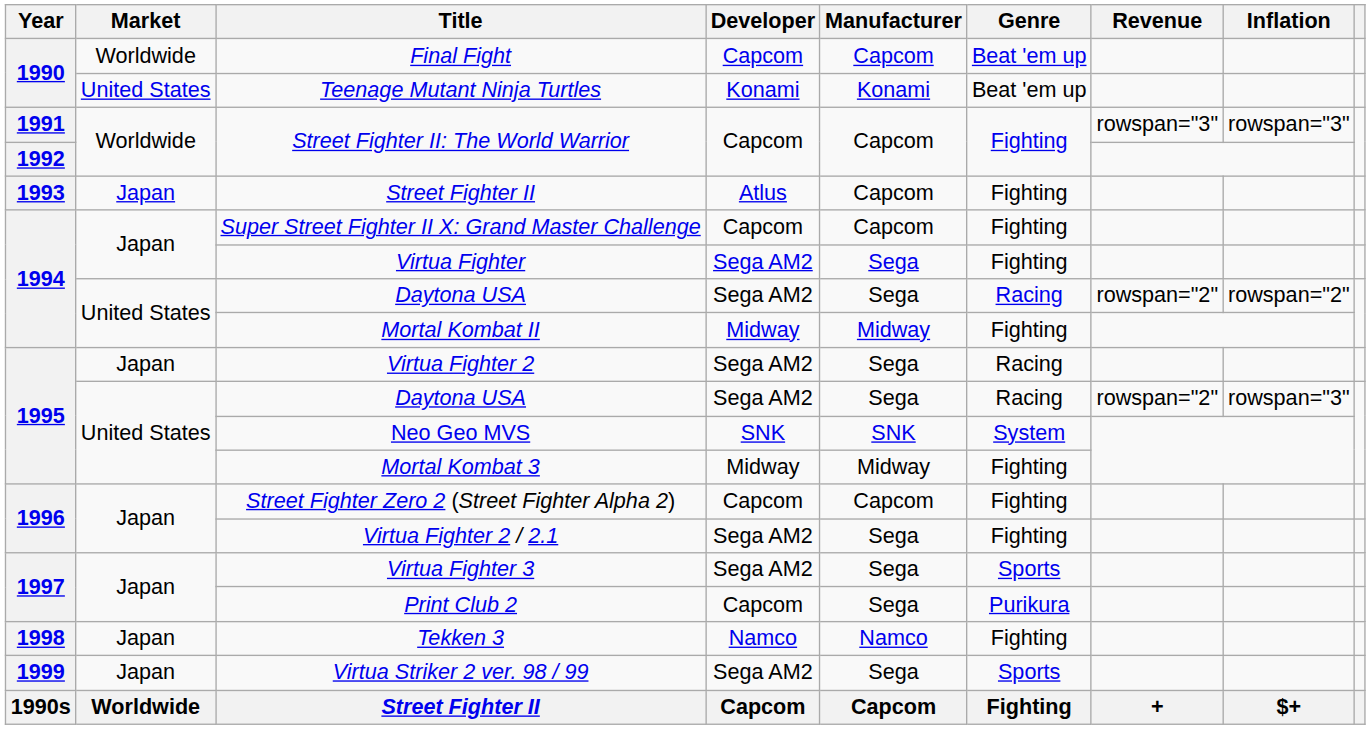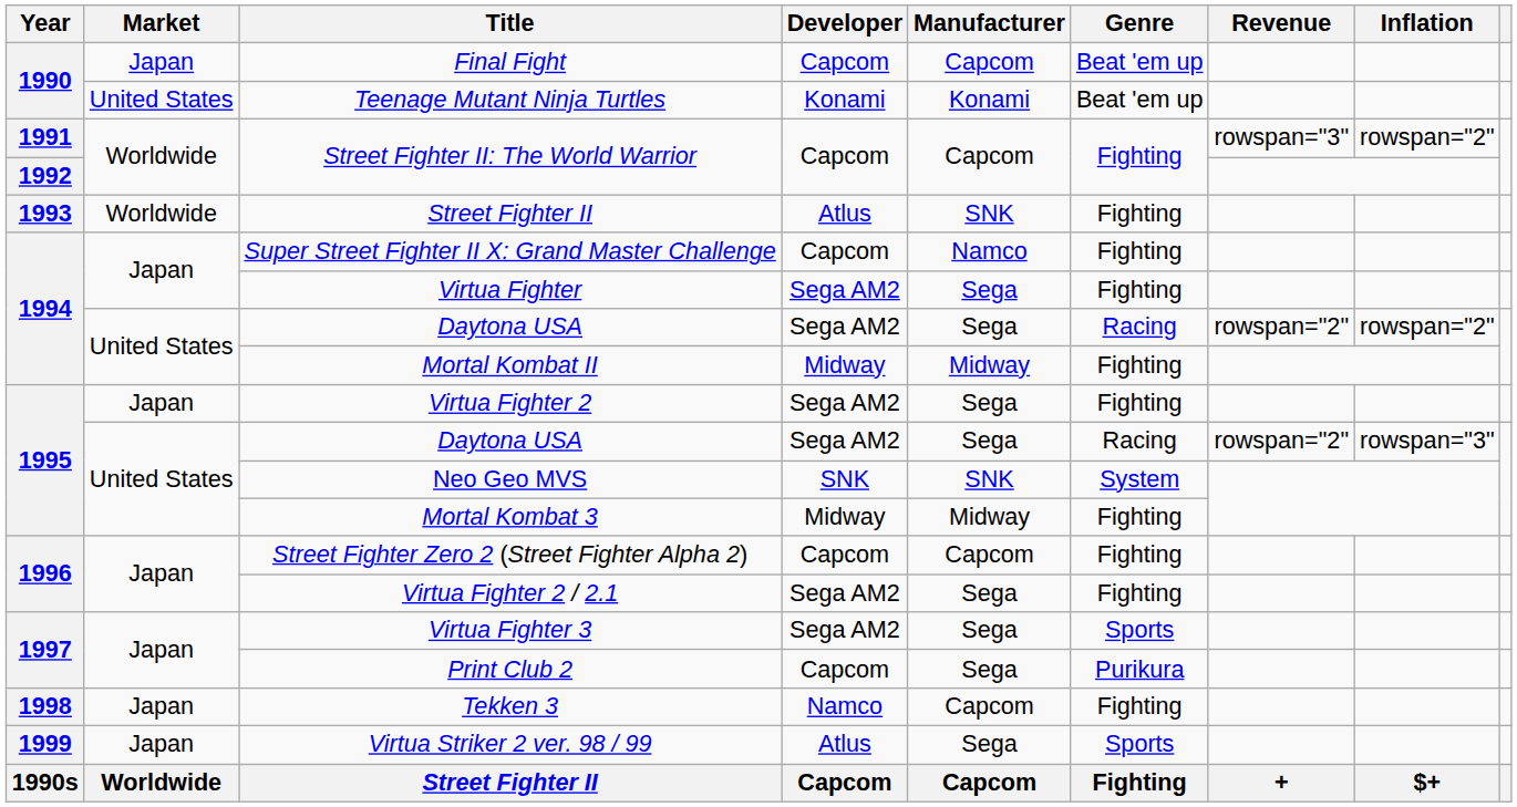 <table class="wikitable sortable" style="text-align:center; margin:auto; margin:auto">
 <tr>
 <th>Year</th>
 <th>Market</th>
 <th>Title</th>
 <th>Developer</th>
 <th>Manufacturer</th>
 <th>Genre</th>
 <th>Revenue</th>
 <th>Inflation</th>
 <th class="unsortable"></th>
 </tr>
 <tr>
 <th rowspan="2"><a href='#'>1990</a></th>
-<td>Worldwide</td>
+<td><a href='#'>Japan</a></td>
 <td><em><a href='#'>Final Fight</a></em></td>
 <td><a href='#'>Capcom</a></td>
 <td><a href='#'>Capcom</a></td>
 <td><a href='#'>Beat 'em up</a></td>
 <td></td>
 <td></td>
 <td></td>
 </tr>
 <tr>
 <td><a href='#'>United States</a></td>
 <td><em><a href='#'>Teenage Mutant Ninja Turtles</a></em></td>
 <td><a href='#'>Konami</a></td>
 <td><a href='#'>Konami</a></td>
 <td>Beat 'em up</td>
 <td></td>
 <td></td>
 <td></td>
 </tr>
 <tr>
 <th><a href='#'>1991</a></th>
 <td rowspan="2">Worldwide</td>
 <td rowspan="2"><em><a href='#'>Street Fighter II: The World Warrior</a></em></td>
 <td rowspan="2">Capcom</td>
 <td rowspan="2">Capcom</td>
 <td rowspan="2"><a href='#'>Fighting</a></td>
 <td>rowspan="3" </td>
-<td>rowspan="3" </td>
+<td>rowspan="2" </td>
 <td rowspan="2"></td>
 </tr>
 <tr>
 <th><a href='#'>1992</a></th>
 </tr>
 <tr>
 <th><a href='#'>1993</a></th>
-<td><a href='#'>Japan</a></td>
+<td>Worldwide</td>
 <td><em><a href='#'>Street Fighter II</a></em></td>
 <td><a href='#'>Atlus</a></td>
-<td>Capcom</td>
+<td><a href='#'>SNK</a></td>
 <td>Fighting</td>
 <td></td>
 <td></td>
 <td></td>
 </tr>
 <tr>
 <th rowspan="4"><a href='#'>1994</a></th>
 <td rowspan="2">Japan</td>
 <td><em><a href='#'>Super Street Fighter II X: Grand Master Challenge</a></em></td>
 <td>Capcom</td>
-<td>Capcom</td>
+<td><a href='#'>Namco</a></td>
 <td>Fighting</td>
 <td></td>
 <td></td>
 <td></td>
 </tr>
 <tr>
 <td><em><a href='#'>Virtua Fighter</a></em></td>
 <td><a href='#'>Sega AM2</a></td>
 <td><a href='#'>Sega</a></td>
 <td>Fighting</td>
 <td></td>
 <td></td>
 <td></td>
 </tr>
 <tr>
 <td rowspan="2">United States</td>
 <td><em><a href='#'>Daytona USA</a></em></td>
 <td>Sega AM2</td>
 <td>Sega</td>
 <td><a href='#'>Racing</a></td>
 <td>rowspan="2" </td>
 <td>rowspan="2" </td>
 <td rowspan="2"></td>
 </tr>
 <tr>
 <td><em><a href='#'>Mortal Kombat II</a></em></td>
 <td><a href='#'>Midway</a></td>
 <td><a href='#'>Midway</a></td>
 <td>Fighting</td>
 </tr>
 <tr>
 <th rowspan="4"><a href='#'>1995</a></th>
 <td>Japan</td>
 <td><em><a href='#'>Virtua Fighter 2</a></em></td>
 <td>Sega AM2</td>
 <td>Sega</td>
-<td>Racing</td>
+<td>Fighting</td>
 <td></td>
 <td></td>
 <td></td>
 </tr>
 <tr>
 <td rowspan="3">United States</td>
 <td><em><a href='#'>Daytona USA</a></em></td>
 <td>Sega AM2</td>
 <td>Sega</td>
 <td>Racing</td>
 <td>rowspan="2" </td>
 <td>rowspan="3" </td>
 <td rowspan="3"></td>
 </tr>
 <tr>
 <td><a href='#'>Neo Geo MVS</a></td>
 <td><a href='#'>SNK</a></td>
 <td><a href='#'>SNK</a></td>
 <td><a href='#'>System</a></td>
 </tr>
 <tr>
 <td><em><a href='#'>Mortal Kombat 3</a></em></td>
 <td>Midway</td>
 <td>Midway</td>
 <td>Fighting</td>
 </tr>
 <tr>
 <th rowspan="2"><a href='#'>1996</a></th>
 <td rowspan="2">Japan</td>
 <td><em><a href='#'>Street Fighter Zero 2</a></em> (<em>Street Fighter Alpha 2</em>)</td>
 <td>Capcom</td>
 <td>Capcom</td>
 <td>Fighting</td>
 <td></td>
 <td></td>
 <td></td>
 </tr>
 <tr>
 <td><em><a href='#'>Virtua Fighter 2</a> / <a href='#'>2.1</a></em></td>
 <td>Sega AM2</td>
 <td>Sega</td>
 <td>Fighting</td>
 <td></td>
 <td></td>
 <td></td>
 </tr>
 <tr>
 <th rowspan="2"><a href='#'>1997</a></th>
 <td rowspan="2">Japan</td>
 <td><em><a href='#'>Virtua Fighter 3</a></em></td>
 <td>Sega AM2</td>
 <td>Sega</td>
 <td><a href='#'>Sports</a></td>
 <td></td>
 <td></td>
 <td></td>
 </tr>
 <tr>
 <td><em><a href='#'>Print Club 2</a></em></td>
 <td>Capcom</td>
 <td>Sega</td>
 <td><a href='#'>Purikura</a></td>
 <td></td>
 <td></td>
 <td></td>
 </tr>
 <tr>
 <th><a href='#'>1998</a></th>
 <td>Japan</td>
 <td><em><a href='#'>Tekken 3</a></em></td>
 <td><a href='#'>Namco</a></td>
-<td><a href='#'>Namco</a></td>
+<td>Capcom</td>
 <td>Fighting</td>
 <td></td>
 <td></td>
 <td></td>
 </tr>
 <tr>
 <th><a href='#'>1999</a></th>
 <td>Japan</td>
 <td><em><a href='#'>Virtua Striker 2 ver. 98 / 99</a></em></td>
-<td>Sega AM2</td>
+<td><a href='#'>Atlus</a></td>
 <td>Sega</td>
 <td><a href='#'>Sports</a></td>
 <td></td>
 <td></td>
 <td></td>
 </tr>
 <tr>
 <th>1990s</th>
 <th>Worldwide</th>
 <th><em><a href='#'>Street Fighter II</a></em></th>
 <th>Capcom</th>
 <th>Capcom</th>
 <th>Fighting</th>
 <th>+</th>
 <th>$+</th>
 <th></th>
 </tr>
 </table>
